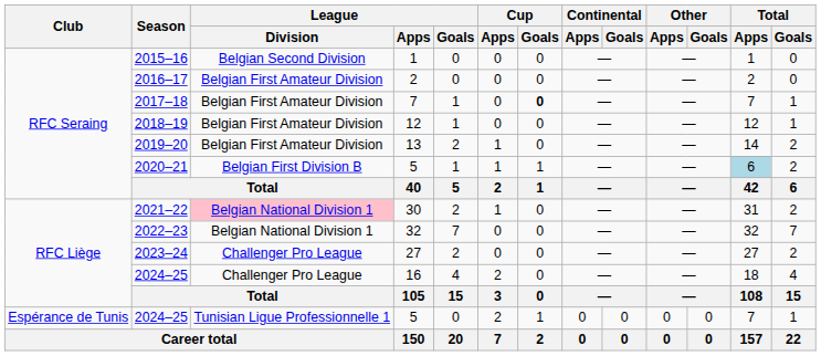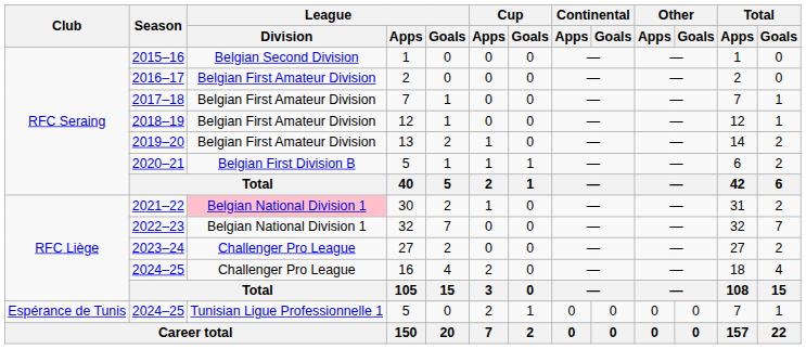 <table class="wikitable" Style="text-align: center">
 <tr>
 <th rowspan=2>Club</th>
 <th rowspan=2>Season</th>
 <th colspan=3>League</th>
 <th colspan=2>Cup</th>
 <th colspan=2>Continental</th>
 <th colspan=2>Other</th>
 <th colspan=2>Total</th>
 </tr>
 <tr>
 <th>Division</th>
 <th>Apps</th>
 <th>Goals</th>
 <th>Apps</th>
 <th>Goals</th>
 <th>Apps</th>
 <th>Goals</th>
 <th>Apps</th>
 <th>Goals</th>
 <th>Apps</th>
 <th>Goals</th>
 </tr>
 <tr>
 <td rowspan=7><a href='#'>RFC Seraing</a></td>
 <td><a href='#'>2015–16</a></td>
 <td><a href='#'>Belgian Second Division</a></td>
 <td>1</td>
 <td>0</td>
 <td>0</td>
 <td>0</td>
 <td colspan=2>—</td>
 <td colspan=2>—</td>
 <td>1</td>
 <td>0</td>
 </tr>
 <tr>
 <td><a href='#'>2016–17</a></td>
 <td><a href='#'>Belgian First Amateur Division</a></td>
 <td>2</td>
 <td>0</td>
 <td>0</td>
 <td>0</td>
 <td colspan=2>—</td>
 <td colspan=2>—</td>
 <td>2</td>
 <td>0</td>
 </tr>
 <tr>
 <td><a href='#'>2017–18</a></td>
 <td>Belgian First Amateur Division</td>
 <td>7</td>
 <td>1</td>
 <td>0</td>
-<td><strong>0</strong></td>
+<td>0</td>
 <td colspan=2>—</td>
 <td colspan=2>—</td>
 <td>7</td>
 <td>1</td>
 </tr>
 <tr>
 <td><a href='#'>2018–19</a></td>
 <td>Belgian First Amateur Division</td>
 <td>12</td>
 <td>1</td>
 <td>0</td>
 <td>0</td>
 <td colspan=2>—</td>
 <td colspan=2>—</td>
 <td>12</td>
 <td>1</td>
 </tr>
 <tr>
 <td><a href='#'>2019–20</a></td>
 <td>Belgian First Amateur Division</td>
 <td>13</td>
 <td>2</td>
 <td>1</td>
 <td>0</td>
 <td colspan=2>—</td>
 <td colspan=2>—</td>
 <td>14</td>
 <td>2</td>
 </tr>
 <tr>
 <td><a href='#'>2020–21</a></td>
 <td><a href='#'>Belgian First Division B</a></td>
 <td>5</td>
 <td>1</td>
 <td>1</td>
 <td>1</td>
 <td colspan=2>—</td>
 <td colspan=2>—</td>
-<td style="background: lightblue;">6</td>
+<td>6</td>
 <td>2</td>
 </tr>
 <tr>
 <th colspan=2>Total</th>
 <th>40</th>
 <th>5</th>
 <th>2</th>
 <th>1</th>
 <th colspan=2>—</th>
 <th colspan=2>—</th>
 <th>42</th>
 <th>6</th>
 </tr>
 <tr>
 <td rowspan=5><a href='#'>RFC Liège</a></td>
 <td><a href='#'>2021–22</a></td>
 <td style="background: pink;"><a href='#'>Belgian National Division 1</a></td>
 <td>30</td>
 <td>2</td>
 <td>1</td>
 <td>0</td>
 <td colspan=2>—</td>
 <td colspan=2>—</td>
 <td>31</td>
 <td>2</td>
 </tr>
 <tr>
 <td><a href='#'>2022–23</a></td>
 <td>Belgian National Division 1</td>
 <td>32</td>
 <td>7</td>
 <td>0</td>
 <td>0</td>
 <td colspan=2>—</td>
 <td colspan=2>—</td>
 <td>32</td>
 <td>7</td>
 </tr>
 <tr>
 <td><a href='#'>2023–24</a></td>
 <td><a href='#'>Challenger Pro League</a></td>
 <td>27</td>
 <td>2</td>
 <td>0</td>
 <td>0</td>
 <td colspan=2>—</td>
 <td colspan=2>—</td>
 <td>27</td>
 <td>2</td>
 </tr>
 <tr>
 <td><a href='#'>2024–25</a></td>
 <td>Challenger Pro League</td>
 <td>16</td>
 <td>4</td>
 <td>2</td>
 <td>0</td>
 <td colspan=2>—</td>
 <td colspan=2>—</td>
 <td>18</td>
 <td>4</td>
 </tr>
 <tr>
 <th colspan=2>Total</th>
 <th>105</th>
 <th>15</th>
 <th>3</th>
 <th>0</th>
 <th colspan=2>—</th>
 <th colspan=2>—</th>
 <th>108</th>
 <th>15</th>
 </tr>
 <tr>
 <td><a href='#'>Espérance de Tunis</a></td>
 <td><a href='#'>2024–25</a></td>
 <td><a href='#'>Tunisian Ligue Professionnelle 1</a></td>
 <td>5</td>
 <td>0</td>
 <td>2</td>
 <td>1</td>
 <td>0</td>
 <td>0</td>
 <td>0</td>
 <td>0</td>
 <td>7</td>
 <td>1</td>
 </tr>
 <tr>
 <th colspan=3>Career total</th>
 <th>150</th>
 <th>20</th>
 <th>7</th>
 <th>2</th>
 <th>0</th>
 <th>0</th>
 <th>0</th>
 <th>0</th>
 <th>157</th>
 <th>22</th>
 </tr>
 </table>
